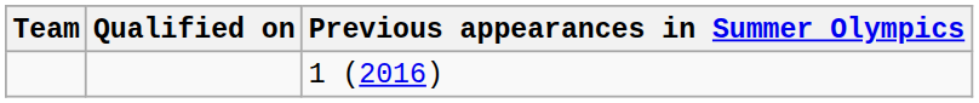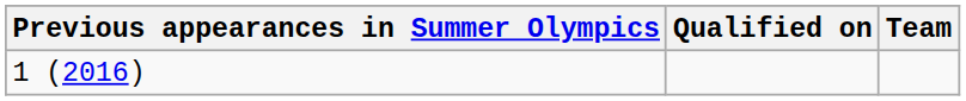 <table class="wikitable sortable">
 <tr>
+<th data-sort-type="number">Previous appearances in <a href='#'>Summer Olympics</a></th>
+<th>Qualified on</th>
 <th>Team</th>
-<th>Qualified on</th>
-<th data-sort-type="number">Previous appearances in <a href='#'>Summer Olympics</a></th>
 </tr>
 <tr>
+<td>1 (<a href='#'>2016</a>)</td>
 <td></td>
 <td></td>
-<td>1 (<a href='#'>2016</a>)</td>
 </tr>
 </table>
